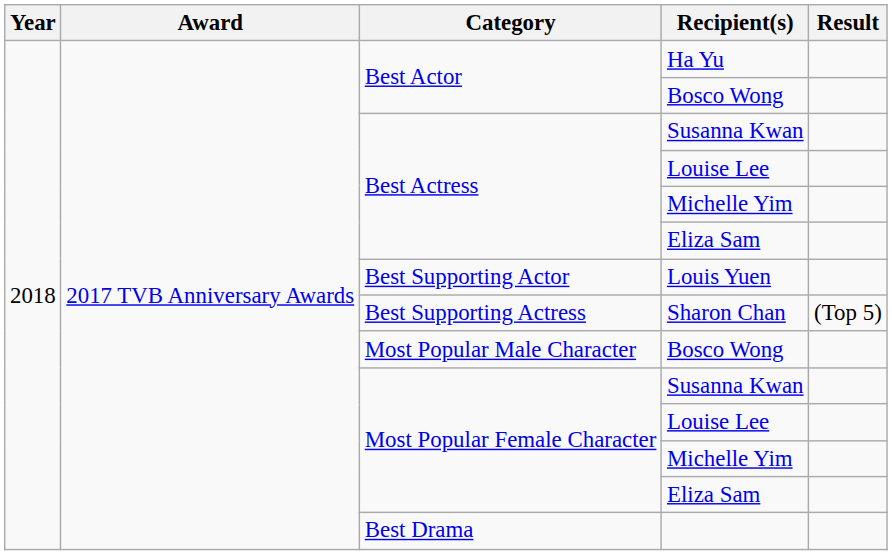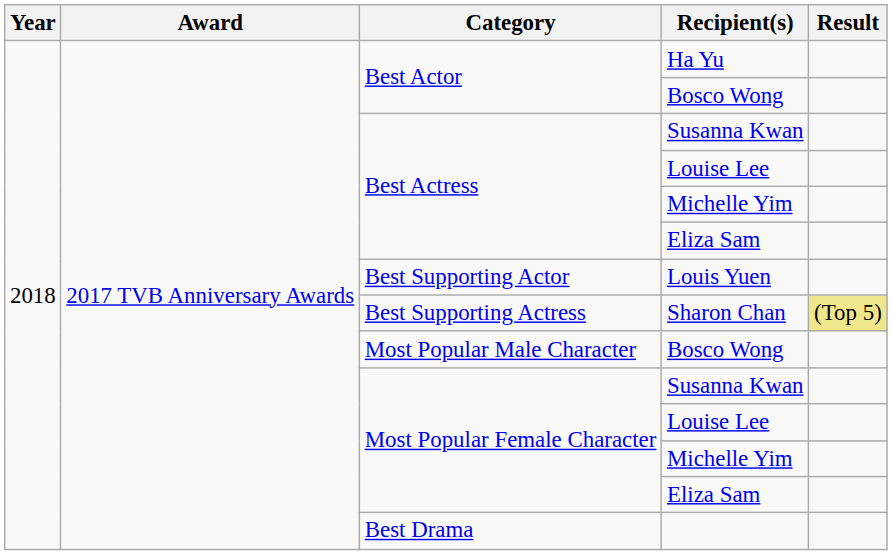 <table class="wikitable sortable plainrowheaders" style="width:auto;">
 <tr>
 <th>Year</th>
 <th>Award</th>
 <th>Category</th>
 <th>Recipient(s)</th>
 <th>Result</th>
 </tr>
 <tr>
 <td rowspan="14">2018</td>
 <td rowspan="14"><a href='#'>2017 TVB Anniversary Awards</a></td>
 <td rowspan="2"><a href='#'>Best Actor</a></td>
 <td><a href='#'>Ha Yu</a></td>
 <td></td>
 </tr>
 <tr>
 <td><a href='#'>Bosco Wong</a></td>
 <td></td>
 </tr>
 <tr>
 <td rowspan="4"><a href='#'>Best Actress</a></td>
 <td><a href='#'>Susanna Kwan</a></td>
 <td></td>
 </tr>
 <tr>
 <td><a href='#'>Louise Lee</a></td>
 <td></td>
 </tr>
 <tr>
 <td><a href='#'>Michelle Yim</a></td>
 <td></td>
 </tr>
 <tr>
 <td><a href='#'>Eliza Sam</a></td>
 <td></td>
 </tr>
 <tr>
 <td><a href='#'>Best Supporting Actor</a></td>
 <td><a href='#'>Louis Yuen</a></td>
 <td></td>
 </tr>
 <tr>
 <td><a href='#'>Best Supporting Actress</a></td>
 <td><a href='#'>Sharon Chan</a></td>
-<td> (Top 5)</td>
+<td style="background: khaki;"> (Top 5)</td>
 </tr>
 <tr>
 <td><a href='#'>Most Popular Male Character</a></td>
 <td><a href='#'>Bosco Wong</a></td>
 <td></td>
 </tr>
 <tr>
 <td rowspan="4"><a href='#'>Most Popular Female Character</a></td>
 <td><a href='#'>Susanna Kwan</a></td>
 <td></td>
 </tr>
 <tr>
 <td><a href='#'>Louise Lee</a></td>
 <td></td>
 </tr>
 <tr>
 <td><a href='#'>Michelle Yim</a></td>
 <td></td>
 </tr>
 <tr>
 <td><a href='#'>Eliza Sam</a></td>
 <td></td>
 </tr>
 <tr>
 <td><a href='#'>Best Drama</a></td>
 <td></td>
 <td></td>
 </tr>
 </table>
